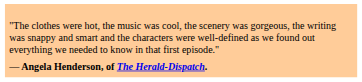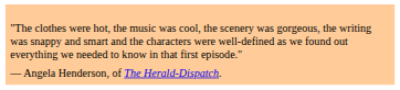 <table class="toccolours" style="float: right; margin-left: 1em; margin-right: 2em; font-size: 85%; background:#FFCC99; color:black; width:35em; max-width: 40%;" cellspacing="5">
 <tr>
 <td style="text-align: left;"><br>"The clothes were hot, the music was cool, the scenery was gorgeous, the writing was snappy and smart and the characters were well-defined as we found out everything we needed to know in that first episode."</td>
 </tr>
 <tr>
-<td style="text-align: left;"><strong>— Angela Henderson, of <em><a href='#'>The Herald-Dispatch</a></em>.</strong></td>
+<td style="text-align: left;">— Angela Henderson, of <em><a href='#'>The Herald-Dispatch</a></em>.</td>
 </tr>
 </table>
